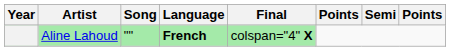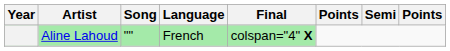 <table class="wikitable plainrowheaders">
 <tr>
 <th scope="col">Year</th>
 <th scope="col">Artist</th>
 <th scope="col">Song</th>
 <th scope="col">Language</th>
 <th scope="col">Final</th>
 <th scope="col">Points</th>
 <th scope="col">Semi</th>
 <th scope="col">Points</th>
 </tr>
 <tr style="background:#A4EAA9">
 <th scope="row" style="text-align:center"></th>
 <td><a href='#'>Aline Lahoud</a></td>
 <td>""</td>
-<td><strong>French</strong></td>
+<td>French</td>
 <td>colspan="4"  <strong>X</strong></td>
 </tr>
 </table>
